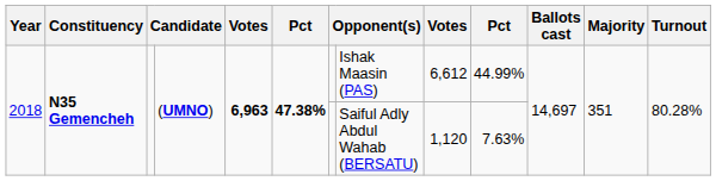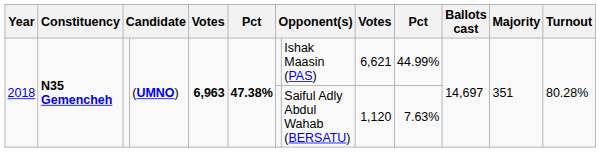 <table class="wikitable" style="margin:0.5em ; font-size:95%">
 <tr>
 <th>Year</th>
 <th>Constituency</th>
 <th colspan=2>Candidate</th>
 <th>Votes</th>
 <th>Pct</th>
 <th colspan=2>Opponent(s)</th>
 <th>Votes</th>
 <th>Pct</th>
 <th>Ballots cast</th>
 <th>Majority</th>
 <th>Turnout</th>
 </tr>
 <tr>
 <td rowspan=2><a href='#'>2018</a></td>
 <td rowspan=2><strong>N35 <a href='#'>Gemencheh</a></strong></td>
 <td rowspan=2 ></td>
 <td rowspan=2> (<a href='#'><strong>UMNO</strong></a>)</td>
 <td rowspan=2 align=right><strong>6,963</strong></td>
 <td rowspan=2><strong>47.38%</strong></td>
 <td></td>
 <td>Ishak Maasin (<a href='#'>PAS</a>)</td>
-<td align=right>6,612</td>
+<td align=right>6,621</td>
 <td>44.99%</td>
 <td rowspan=2>14,697</td>
 <td rowspan=2>351</td>
 <td rowspan=2>80.28%</td>
 </tr>
 <tr>
 <td></td>
 <td>Saiful Adly Abdul Wahab (<a href='#'>BERSATU</a>)</td>
 <td align=right>1,120</td>
 <td align=right>7.63%</td>
 </tr>
 </table>
